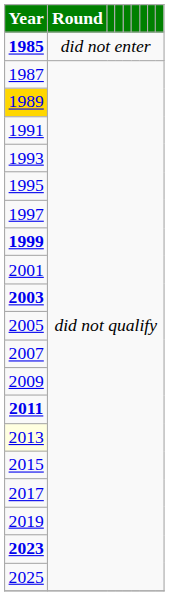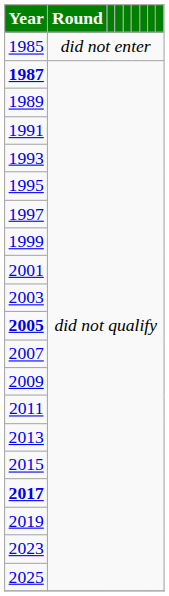 <table class="wikitable" style="text-align:center;">
 <tr>
 <th style="background-color:#008000; color:white; ">Year</th>
 <th style="background-color:#008000; color:white; ">Round</th>
 <th style="background-color:#008000; color:white; "></th>
 <th style="background-color:#008000; color:white; "></th>
 <th style="background-color:#008000; color:white; "></th>
 <th style="background-color:#008000; color:white; "></th>
 <th style="background-color:#008000; color:white; "></th>
 <th style="background-color:#008000; color:white; "></th>
 <th style="background-color:#008000; color:white; "></th>
 </tr>
 <tr>
-<td><strong> <a href='#'>1985</a></strong></td>
+<td> <a href='#'>1985</a></td>
 <td colspan=8><em>did not enter</em></td>
 </tr>
 <tr>
-<td> <a href='#'>1987</a></td>
+<td><strong> <a href='#'>1987</a></strong></td>
 <td colspan=8 rowspan=19><em>did not qualify</em></td>
 </tr>
 <tr>
-<td style="background: gold;"> <a href='#'>1989</a></td>
+<td> <a href='#'>1989</a></td>
 </tr>
 <tr>
 <td> <a href='#'>1991</a></td>
 </tr>
 <tr>
 <td> <a href='#'>1993</a></td>
 </tr>
 <tr>
 <td> <a href='#'>1995</a></td>
 </tr>
 <tr>
 <td> <a href='#'>1997</a></td>
 </tr>
 <tr>
-<td><strong> <a href='#'>1999</a></strong></td>
+<td> <a href='#'>1999</a></td>
 </tr>
 <tr>
 <td> <a href='#'>2001</a></td>
 </tr>
 <tr>
-<td><strong> <a href='#'>2003</a></strong></td>
+<td> <a href='#'>2003</a></td>
 </tr>
 <tr>
-<td> <a href='#'>2005</a></td>
+<td><strong> <a href='#'>2005</a></strong></td>
 </tr>
 <tr>
 <td> <a href='#'>2007</a></td>
 </tr>
 <tr>
 <td> <a href='#'>2009</a></td>
 </tr>
 <tr>
-<td><strong> <a href='#'>2011</a></strong></td>
+<td> <a href='#'>2011</a></td>
 </tr>
 <tr>
-<td style="background: lightyellow;"> <a href='#'>2013</a></td>
+<td> <a href='#'>2013</a></td>
 </tr>
 <tr>
 <td> <a href='#'>2015</a></td>
 </tr>
 <tr>
-<td> <a href='#'>2017</a></td>
+<td><strong> <a href='#'>2017</a></strong></td>
 </tr>
 <tr>
 <td> <a href='#'>2019</a></td>
 </tr>
 <tr>
-<td><strong> <a href='#'>2023</a></strong></td>
+<td> <a href='#'>2023</a></td>
 </tr>
 <tr>
 <td> <a href='#'>2025</a></td>
 </tr>
 <tr>
 </tr>
 </table>
